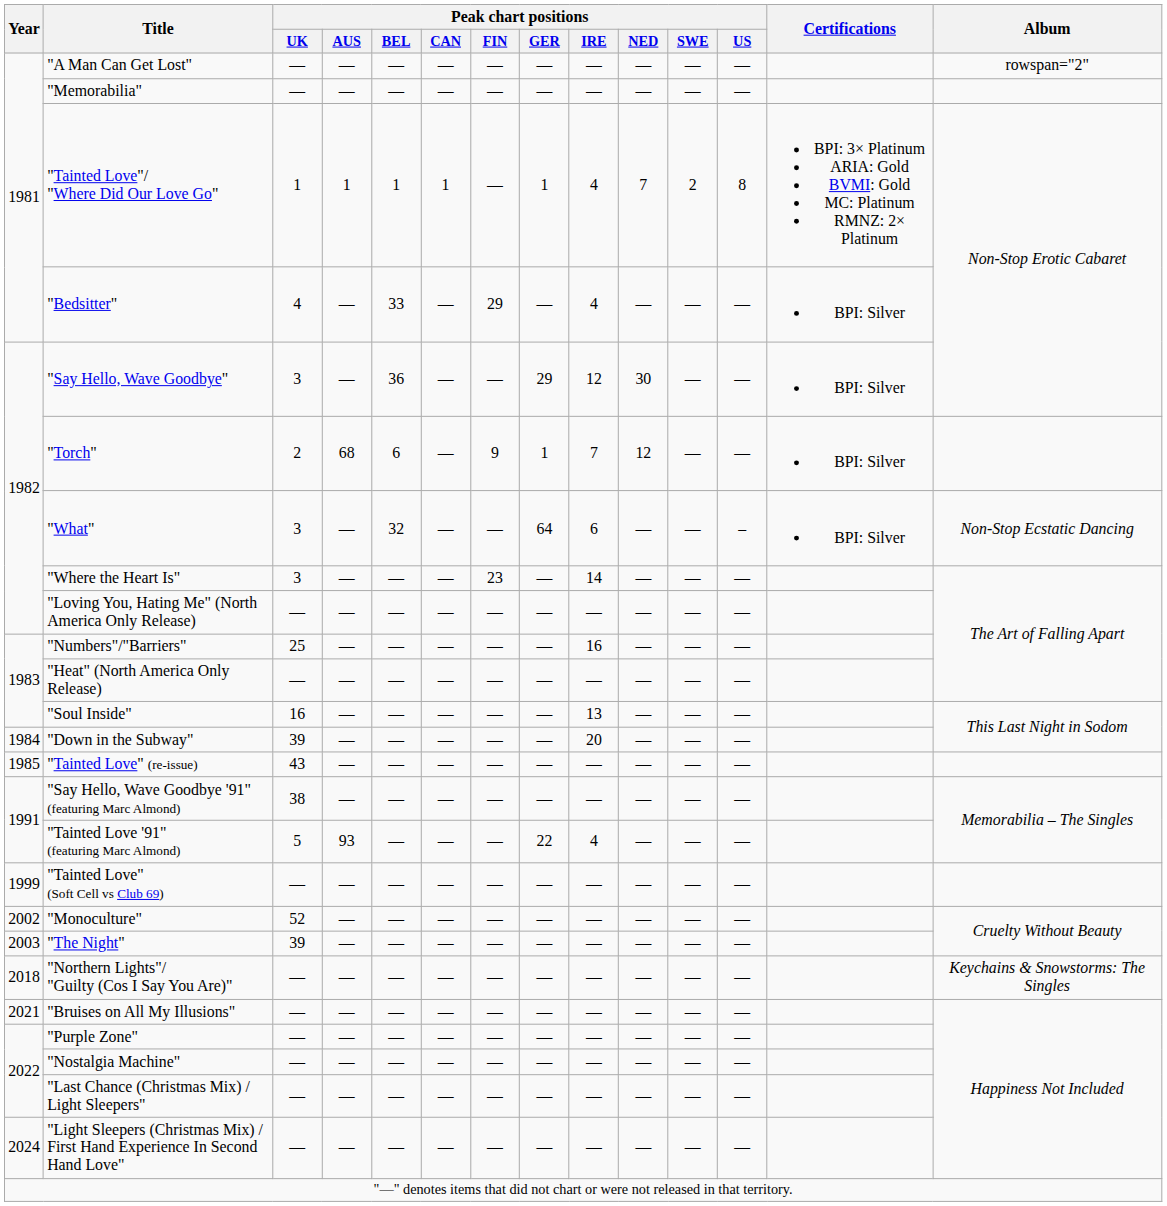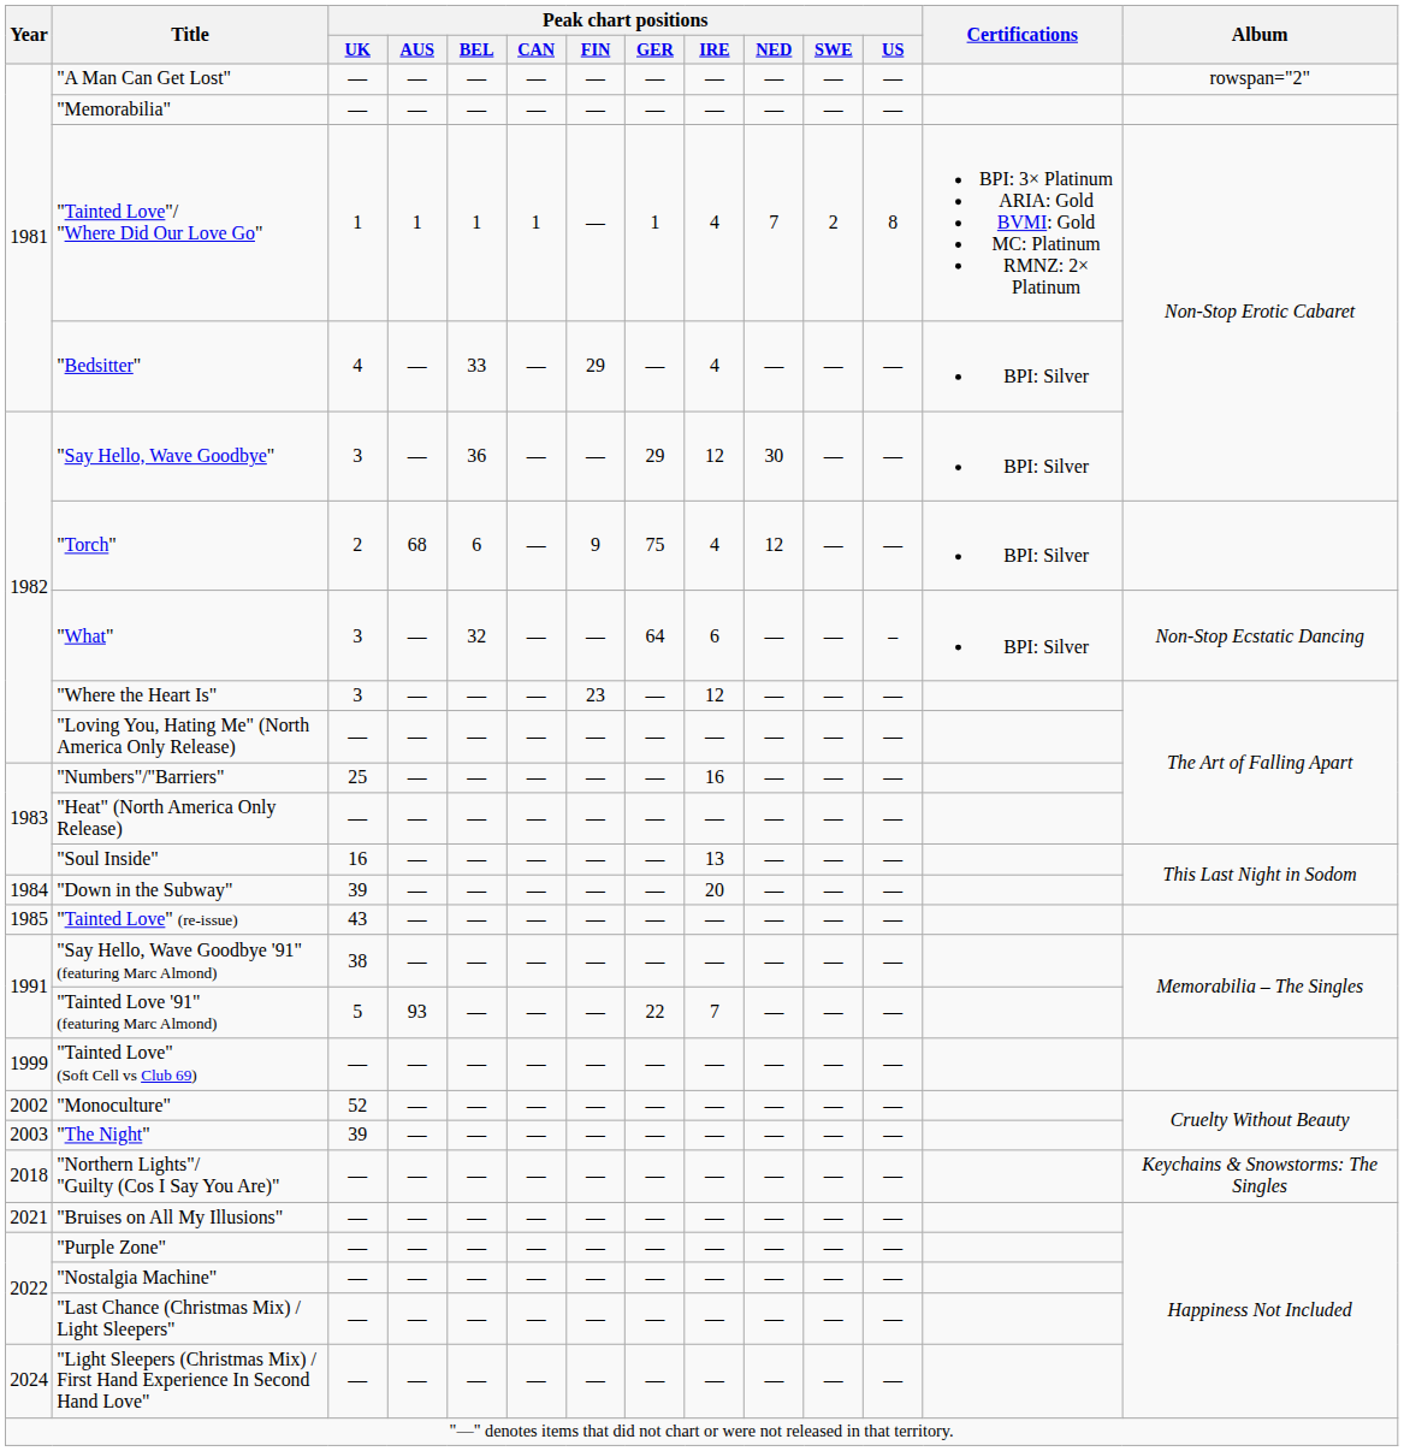 <table class="wikitable" style="text-align:center;">
 <tr>
 <th rowspan="2" style="width:2em;">Year</th>
 <th rowspan="2" style="width:14em;">Title</th>
 <th colspan="10">Peak chart positions</th>
 <th scope="col" rowspan="2" style="width:10em;"><a href='#'>Certifications</a></th>
 <th rowspan="2" style="width:14em;">Album</th>
 </tr>
 <tr>
 <th style="width:3em;font-size:90%;"><a href='#'>UK</a><br></th>
 <th style="width:3em;font-size:90%;"><a href='#'>AUS</a><br></th>
 <th style="width:3em;font-size:90%;"><a href='#'>BEL</a><br></th>
 <th style="width:3em;font-size:90%;"><a href='#'>CAN</a><br></th>
 <th style="width:3em;font-size:90%;"><a href='#'>FIN</a><br></th>
 <th style="width:3em;font-size:90%;"><a href='#'>GER</a><br></th>
 <th style="width:3em;font-size:90%;"><a href='#'>IRE</a><br></th>
 <th style="width:3em;font-size:90%;"><a href='#'>NED</a><br></th>
 <th style="width:3em;font-size:90%;"><a href='#'>SWE</a><br></th>
 <th style="width:3em;font-size:90%;"><a href='#'>US</a><br></th>
 </tr>
 <tr>
 <td rowspan="4">1981</td>
 <td style="text-align:left;">"A Man Can Get Lost"</td>
 <td>—</td>
 <td>—</td>
 <td>—</td>
 <td>—</td>
 <td>—</td>
 <td>—</td>
 <td>—</td>
 <td>—</td>
 <td>—</td>
 <td>—</td>
 <td></td>
 <td>rowspan="2" </td>
 </tr>
 <tr>
 <td style="text-align:left;">"Memorabilia"</td>
 <td>—</td>
 <td>—</td>
 <td>—</td>
 <td>—</td>
 <td>—</td>
 <td>—</td>
 <td>—</td>
 <td>—</td>
 <td>—</td>
 <td>—</td>
 <td></td>
 </tr>
 <tr>
 <td style="text-align:left;">"<a href='#'>Tainted Love</a>"/<br>"<a href='#'>Where Did Our Love Go</a>"</td>
 <td>1</td>
 <td>1</td>
 <td>1</td>
 <td>1</td>
 <td>—</td>
 <td>1</td>
 <td>4</td>
 <td>7</td>
 <td>2</td>
 <td>8</td>
 <td><br><ul><li>BPI: 3× Platinum</li><li>ARIA: Gold</li><li><a href='#'>BVMI</a>: Gold</li><li>MC: Platinum</li><li>RMNZ: 2× Platinum</li></ul></td>
 <td rowspan="3"><em>Non-Stop Erotic Cabaret</em></td>
 </tr>
 <tr>
 <td style="text-align:left;">"<a href='#'>Bedsitter</a>"</td>
 <td>4</td>
 <td>—</td>
 <td>33</td>
 <td>—</td>
 <td>29</td>
 <td>—</td>
 <td>4</td>
 <td>—</td>
 <td>—</td>
 <td>—</td>
 <td><br><ul><li>BPI: Silver</li></ul></td>
 </tr>
 <tr>
 <td rowspan="5">1982</td>
 <td style="text-align:left;">"<a href='#'>Say Hello, Wave Goodbye</a>"</td>
 <td>3</td>
 <td>—</td>
 <td>36</td>
 <td>—</td>
 <td>—</td>
 <td>29</td>
 <td>12</td>
 <td>30</td>
 <td>—</td>
 <td>—</td>
 <td><br><ul><li>BPI: Silver</li></ul></td>
 </tr>
 <tr>
 <td style="text-align:left;">"<a href='#'>Torch</a>"</td>
 <td>2</td>
 <td>68</td>
 <td>6</td>
 <td>—</td>
 <td>9</td>
-<td>1</td>
-<td>7</td>
+<td>75</td>
+<td>4</td>
 <td>12</td>
 <td>—</td>
 <td>—</td>
 <td><br><ul><li>BPI: Silver</li></ul></td>
 <td></td>
 </tr>
 <tr>
 <td style="text-align:left;">"<a href='#'>What</a>"</td>
 <td>3</td>
 <td>—</td>
 <td>32</td>
 <td>—</td>
 <td>—</td>
 <td>64</td>
 <td>6</td>
 <td>—</td>
 <td>—</td>
 <td>–</td>
 <td><br><ul><li>BPI: Silver</li></ul></td>
 <td><em>Non-Stop Ecstatic Dancing</em></td>
 </tr>
 <tr>
 <td style="text-align:left;">"Where the Heart Is"</td>
 <td>3</td>
 <td>—</td>
 <td>—</td>
 <td>—</td>
 <td>23</td>
 <td>—</td>
-<td>14</td>
+<td>12</td>
 <td>—</td>
 <td>—</td>
 <td>—</td>
 <td></td>
 <td rowspan="4"><em>The Art of Falling Apart</em></td>
 </tr>
 <tr>
 <td style="text-align:left;">"Loving You, Hating Me" (North America Only Release)</td>
 <td>—</td>
 <td>—</td>
 <td>—</td>
 <td>—</td>
 <td>—</td>
 <td>—</td>
 <td>—</td>
 <td>—</td>
 <td>—</td>
 <td>—</td>
 <td></td>
 </tr>
 <tr>
 <td rowspan="3">1983</td>
 <td style="text-align:left;">"Numbers"/"Barriers"</td>
 <td>25</td>
 <td>—</td>
 <td>—</td>
 <td>—</td>
 <td>—</td>
 <td>—</td>
 <td>16</td>
 <td>—</td>
 <td>—</td>
 <td>—</td>
 <td></td>
 </tr>
 <tr>
 <td style="text-align:left;">"Heat" (North America Only Release)</td>
 <td>—</td>
 <td>—</td>
 <td>—</td>
 <td>—</td>
 <td>—</td>
 <td>—</td>
 <td>—</td>
 <td>—</td>
 <td>—</td>
 <td>—</td>
 <td></td>
 </tr>
 <tr>
 <td style="text-align:left;">"Soul Inside"</td>
 <td>16</td>
 <td>—</td>
 <td>—</td>
 <td>—</td>
 <td>—</td>
 <td>—</td>
 <td>13</td>
 <td>—</td>
 <td>—</td>
 <td>—</td>
 <td></td>
 <td rowspan="2"><em>This Last Night in Sodom</em></td>
 </tr>
 <tr>
 <td>1984</td>
 <td style="text-align:left;">"Down in the Subway"</td>
 <td>39</td>
 <td>—</td>
 <td>—</td>
 <td>—</td>
 <td>—</td>
 <td>—</td>
 <td>20</td>
 <td>—</td>
 <td>—</td>
 <td>—</td>
 <td></td>
 </tr>
 <tr>
 <td>1985</td>
 <td style="text-align:left;">"<a href='#'>Tainted Love</a>" <small>(re-issue)</small></td>
 <td>43</td>
 <td>—</td>
 <td>—</td>
 <td>—</td>
 <td>—</td>
 <td>—</td>
 <td>—</td>
 <td>—</td>
 <td>—</td>
 <td>—</td>
 <td></td>
 <td></td>
 </tr>
 <tr>
 <td rowspan="2">1991</td>
 <td style="text-align:left;">"Say Hello, Wave Goodbye '91"<br><small>(featuring Marc Almond)</small></td>
 <td>38</td>
 <td>—</td>
 <td>—</td>
 <td>—</td>
 <td>—</td>
 <td>—</td>
 <td>—</td>
 <td>—</td>
 <td>—</td>
 <td>—</td>
 <td></td>
 <td rowspan="2"><em>Memorabilia – The Singles</em></td>
 </tr>
 <tr>
 <td style="text-align:left;">"Tainted Love '91"<br><small>(featuring Marc Almond)</small></td>
 <td>5</td>
 <td>93</td>
 <td>—</td>
 <td>—</td>
 <td>—</td>
 <td>22</td>
-<td>4</td>
+<td>7</td>
 <td>—</td>
 <td>—</td>
 <td>—</td>
 <td></td>
 </tr>
 <tr>
 <td>1999</td>
 <td style="text-align:left;">"Tainted Love"<br><small>(Soft Cell vs <a href='#'>Club 69</a>)</small></td>
 <td>—</td>
 <td>—</td>
 <td>—</td>
 <td>—</td>
 <td>—</td>
 <td>—</td>
 <td>—</td>
 <td>—</td>
 <td>—</td>
 <td>—</td>
 <td></td>
 <td></td>
 </tr>
 <tr>
 <td>2002</td>
 <td style="text-align:left;">"Monoculture"</td>
 <td>52</td>
 <td>—</td>
 <td>—</td>
 <td>—</td>
 <td>—</td>
 <td>—</td>
 <td>—</td>
 <td>—</td>
 <td>—</td>
 <td>—</td>
 <td></td>
 <td rowspan="2"><em>Cruelty Without Beauty</em></td>
 </tr>
 <tr>
 <td>2003</td>
 <td style="text-align:left;">"<a href='#'>The Night</a>"</td>
 <td>39</td>
 <td>—</td>
 <td>—</td>
 <td>—</td>
 <td>—</td>
 <td>—</td>
 <td>—</td>
 <td>—</td>
 <td>—</td>
 <td>—</td>
 <td></td>
 </tr>
 <tr>
 <td>2018</td>
 <td style="text-align:left;">"Northern Lights"/<br>"Guilty (Cos I Say You Are)"</td>
 <td>—</td>
 <td>—</td>
 <td>—</td>
 <td>—</td>
 <td>—</td>
 <td>—</td>
 <td>—</td>
 <td>—</td>
 <td>—</td>
 <td>—</td>
 <td></td>
 <td><em>Keychains & Snowstorms: The Singles</em></td>
 </tr>
 <tr>
 <td>2021</td>
 <td style="text-align:left;">"Bruises on All My Illusions"</td>
 <td>—</td>
 <td>—</td>
 <td>—</td>
 <td>—</td>
 <td>—</td>
 <td>—</td>
 <td>—</td>
 <td>—</td>
 <td>—</td>
 <td>—</td>
 <td></td>
 <td rowspan="5"><em>Happiness Not Included</em></td>
 </tr>
 <tr>
 <td rowspan="3">2022</td>
 <td style="text-align:left;">"Purple Zone"<br></td>
 <td>—</td>
 <td>—</td>
 <td>—</td>
 <td>—</td>
 <td>—</td>
 <td>—</td>
 <td>—</td>
 <td>—</td>
 <td>—</td>
 <td>—</td>
 <td></td>
 </tr>
 <tr>
 <td style="text-align:left;">"Nostalgia Machine"</td>
 <td>—</td>
 <td>—</td>
 <td>—</td>
 <td>—</td>
 <td>—</td>
 <td>—</td>
 <td>—</td>
 <td>—</td>
 <td>—</td>
 <td>—</td>
 <td></td>
 </tr>
 <tr>
 <td style="text-align:left;">"Last Chance (Christmas Mix) / Light Sleepers"</td>
 <td>—</td>
 <td>—</td>
 <td>—</td>
 <td>—</td>
 <td>—</td>
 <td>—</td>
 <td>—</td>
 <td>—</td>
 <td>—</td>
 <td>—</td>
 <td></td>
 </tr>
 <tr>
 <td>2024</td>
 <td style="text-align:left;">"Light Sleepers (Christmas Mix) / First Hand Experience In Second Hand Love"</td>
 <td>—</td>
 <td>—</td>
 <td>—</td>
 <td>—</td>
 <td>—</td>
 <td>—</td>
 <td>—</td>
 <td>—</td>
 <td>—</td>
 <td>—</td>
 <td></td>
 </tr>
 <tr>
 <td colspan="15" style="font-size:90%">"—" denotes items that did not chart or were not released in that territory.</td>
 </tr>
 </table>
